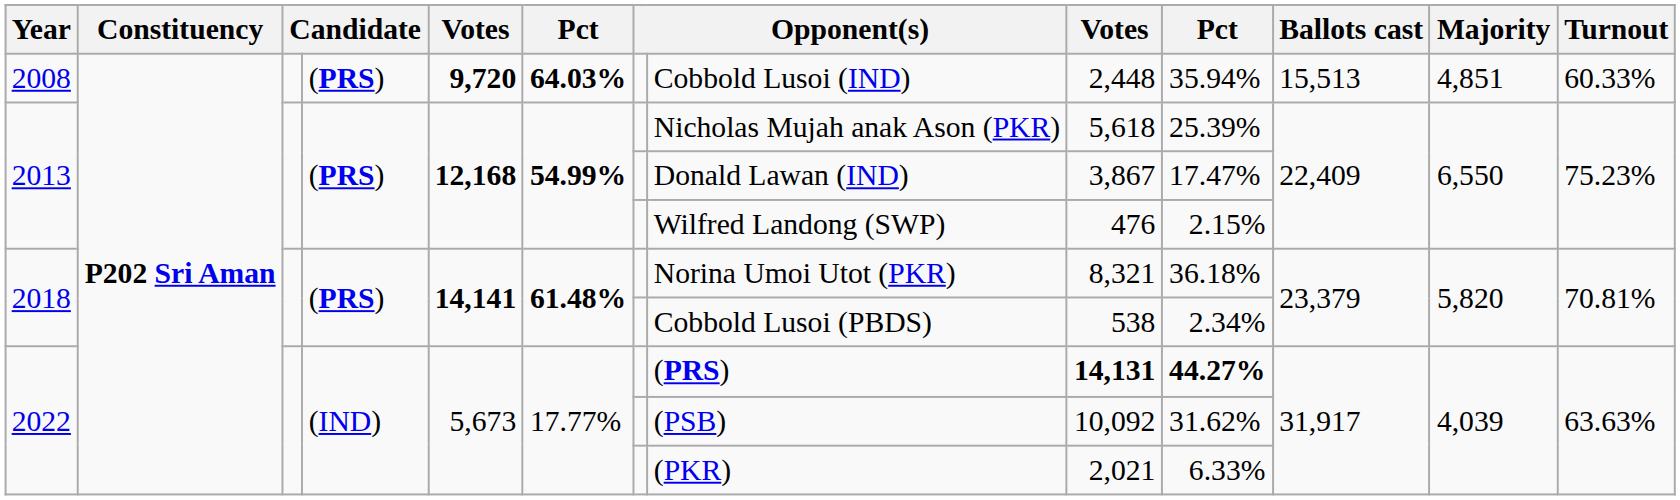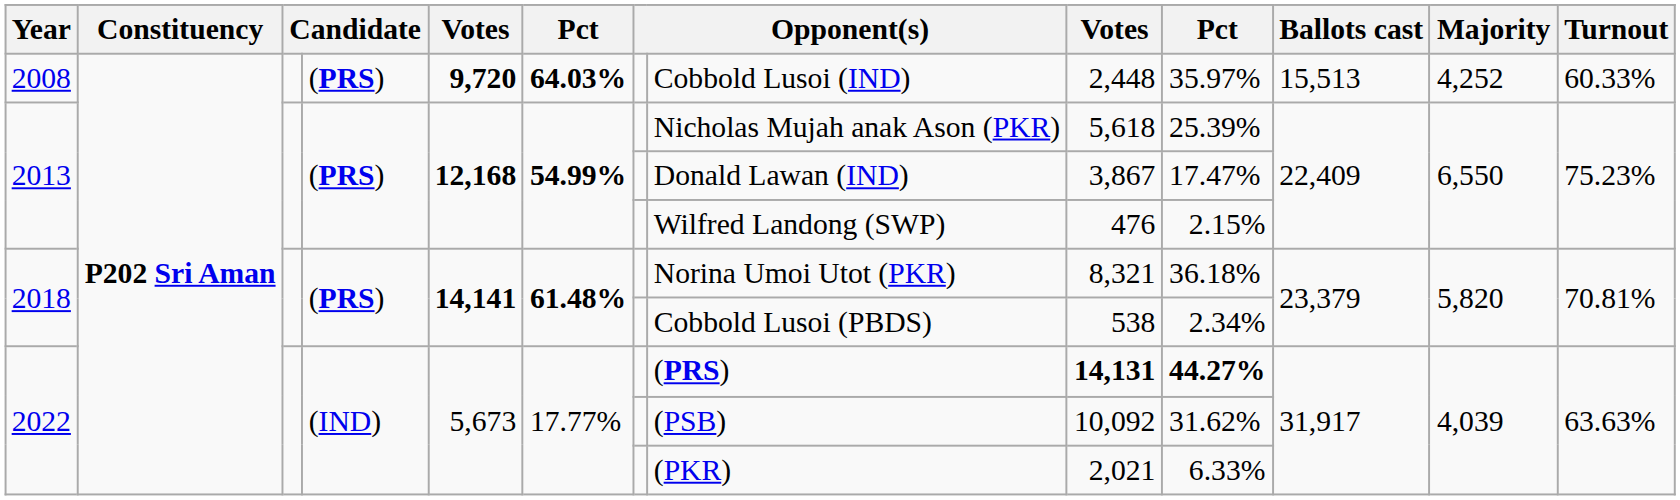 <table class="wikitable" style="margin:0.5em ; font-size:95%">
 <tr>
 <th>Year</th>
 <th>Constituency</th>
 <th colspan=2>Candidate</th>
 <th>Votes</th>
 <th>Pct</th>
 <th colspan=2>Opponent(s)</th>
 <th>Votes</th>
 <th>Pct</th>
 <th>Ballots cast</th>
 <th>Majority</th>
 <th>Turnout</th>
 </tr>
 <tr>
 <td><a href='#'>2008</a></td>
 <td rowspan=9><strong>P202 <a href='#'>Sri Aman</a></strong></td>
 <td></td>
 <td> (<a href='#'><strong>PRS</strong></a>)</td>
 <td align="right"><strong>9,720</strong></td>
 <td><strong>64.03%</strong></td>
 <td></td>
 <td>Cobbold Lusoi (<a href='#'>IND</a>)</td>
 <td align="right">2,448</td>
-<td>35.94%</td>
+<td>35.97%</td>
 <td>15,513</td>
-<td>4,851</td>
+<td>4,252</td>
 <td>60.33%</td>
 </tr>
 <tr>
 <td rowspan=3><a href='#'>2013</a></td>
 <td rowspan=3 ></td>
 <td rowspan=3> (<a href='#'><strong>PRS</strong></a>)</td>
 <td rowspan=3 align="right"><strong>12,168</strong></td>
 <td rowspan=3><strong>54.99%</strong></td>
 <td></td>
 <td>Nicholas Mujah anak Ason (<a href='#'>PKR</a>)</td>
 <td align="right">5,618</td>
 <td>25.39%</td>
 <td rowspan=3>22,409</td>
 <td rowspan=3>6,550</td>
 <td rowspan=3>75.23%</td>
 </tr>
 <tr>
 <td></td>
 <td>Donald Lawan (<a href='#'>IND</a>)</td>
 <td align=right>3,867</td>
 <td>17.47%</td>
 </tr>
 <tr>
 <td bgcolor=></td>
 <td>Wilfred Landong (SWP)</td>
 <td align=right>476</td>
 <td align=right>2.15%</td>
 </tr>
 <tr>
 <td rowspan=2><a href='#'>2018</a></td>
 <td rowspan=2 ></td>
 <td rowspan=2> (<a href='#'><strong>PRS</strong></a>)</td>
 <td rowspan=2 align="right"><strong>14,141</strong></td>
 <td rowspan=2><strong>61.48%</strong></td>
 <td></td>
 <td>Norina Umoi Utot (<a href='#'>PKR</a>)</td>
 <td align="right">8,321</td>
 <td>36.18%</td>
 <td rowspan=2>23,379</td>
 <td rowspan=2>5,820</td>
 <td rowspan=2>70.81%</td>
 </tr>
 <tr>
 <td bgcolor=></td>
 <td>Cobbold Lusoi (PBDS)</td>
 <td align=right>538</td>
 <td align=right>2.34%</td>
 </tr>
 <tr>
 <td rowspan="3"><a href='#'>2022</a></td>
 <td rowspan="3" ></td>
 <td rowspan="3"> (<a href='#'>IND</a>)</td>
 <td rowspan="3" align="right">5,673</td>
 <td rowspan="3">17.77%</td>
 <td></td>
 <td> (<a href='#'><strong>PRS</strong></a>)</td>
 <td align="right"><strong>14,131</strong></td>
 <td><strong>44.27%</strong></td>
 <td rowspan="3">31,917</td>
 <td rowspan="3">4,039</td>
 <td rowspan="3">63.63%</td>
 </tr>
 <tr>
 <td style="background-color:"></td>
 <td> (<a href='#'>PSB</a>)</td>
 <td align="right">10,092</td>
 <td>31.62%</td>
 </tr>
 <tr>
 <td></td>
 <td> (<a href='#'>PKR</a>)</td>
 <td align="right">2,021</td>
 <td align=right>6.33%</td>
 </tr>
 </table>
